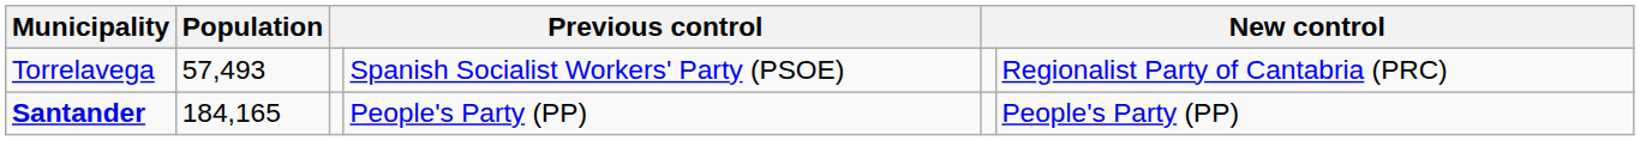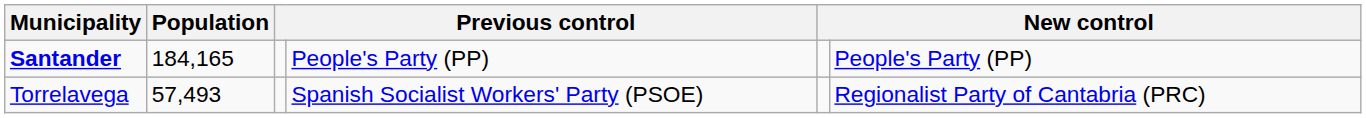 <table class="wikitable sortable">
 <tr>
 <th>Municipality</th>
 <th>Population</th>
 <th colspan="2" style="width:375px;">Previous control</th>
 <th colspan="2" style="width:375px;">New control</th>
+</tr>
+<tr>
+<td><strong><a href='#'>Santander</a></strong></td>
+<td>184,165</td>
+<td width="1" style="color:inherit;background:"></td>
+<td><a href='#'>People's Party</a> (PP)</td>
+<td width="1" style="color:inherit;background:"></td>
+<td><a href='#'>People's Party</a> (PP)</td>
 </tr>
 <tr>
 <td><a href='#'>Torrelavega</a></td>
 <td>57,493</td>
 <td style="color:inherit;background:"></td>
 <td><a href='#'>Spanish Socialist Workers' Party</a> (PSOE)</td>
 <td style="color:inherit;background:"></td>
 <td><a href='#'>Regionalist Party of Cantabria</a> (PRC)</td>
 </tr>
-<tr>
-<td><strong><a href='#'>Santander</a></strong></td>
-<td>184,165</td>
-<td width="1" style="color:inherit;background:"></td>
-<td><a href='#'>People's Party</a> (PP)</td>
-<td width="1" style="color:inherit;background:"></td>
-<td><a href='#'>People's Party</a> (PP)</td>
-</tr>
 </table>
